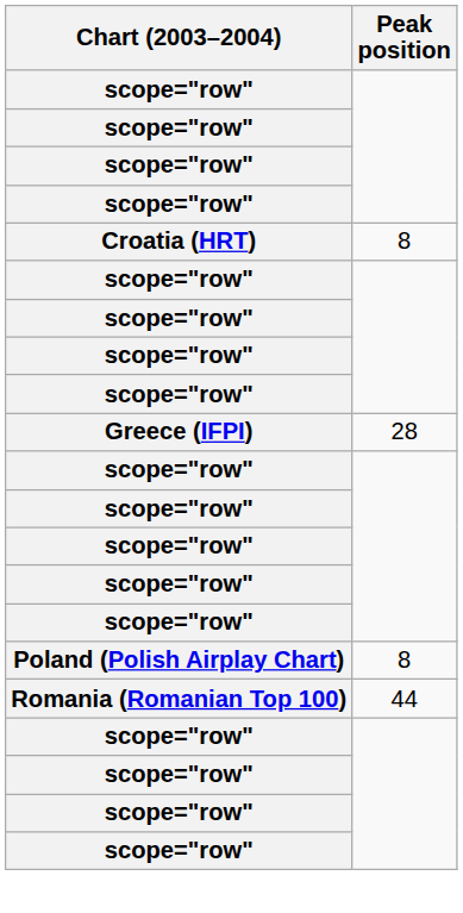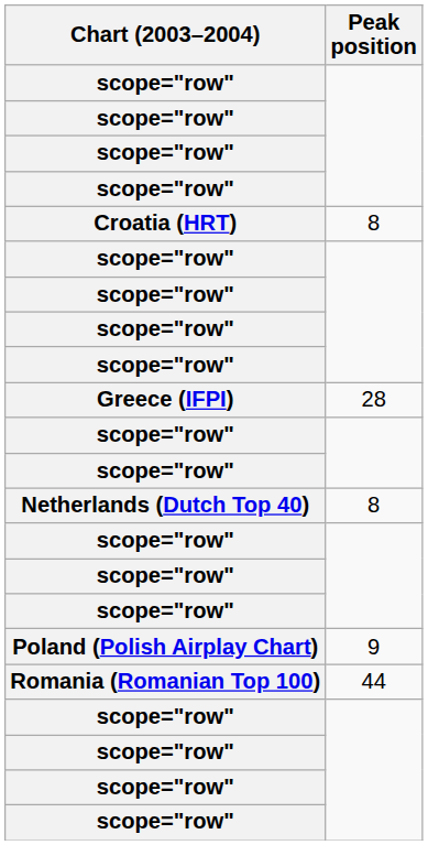 <table class="wikitable sortable plainrowheaders" style="text-align:center">
 <tr>
 <th scope="col">Chart (2003–2004)</th>
 <th scope="col">Peak<br>position</th>
 </tr>
 <tr>
 <th>scope="row"</th>
 </tr>
 <tr>
 <th>scope="row"</th>
 </tr>
 <tr>
 <th>scope="row"</th>
 </tr>
 <tr>
 <th>scope="row"</th>
 </tr>
 <tr>
 <th scope=row>Croatia (<a href='#'>HRT</a>)</th>
 <td>8</td>
 </tr>
 <tr>
 <th>scope="row"</th>
 </tr>
 <tr>
 <th>scope="row"</th>
 </tr>
 <tr>
 <th>scope="row"</th>
 </tr>
 <tr>
 <th>scope="row"</th>
 </tr>
 <tr>
 <th scope="row">Greece (<a href='#'>IFPI</a>)</th>
 <td>28</td>
 </tr>
 <tr>
 <th>scope="row"</th>
 </tr>
 <tr>
 <th>scope="row"</th>
 </tr>
 <tr>
+<th scope="row">Netherlands (<a href='#'>Dutch Top 40</a>)</th>
+<td>8</td>
+</tr>
+<tr>
 <th>scope="row"</th>
 </tr>
 <tr>
 <th>scope="row"</th>
 </tr>
 <tr>
 <th>scope="row"</th>
 </tr>
 <tr>
 <th scope="row">Poland (<a href='#'>Polish Airplay Chart</a>)</th>
-<td>8</td>
+<td>9</td>
 </tr>
 <tr>
 <th scope="row">Romania (<a href='#'>Romanian Top 100</a>)</th>
 <td>44</td>
 </tr>
 <tr>
 <th>scope="row"</th>
 </tr>
 <tr>
 <th>scope="row"</th>
 </tr>
 <tr>
 <th>scope="row"</th>
 </tr>
 <tr>
 <th>scope="row"</th>
 </tr>
 </table>
